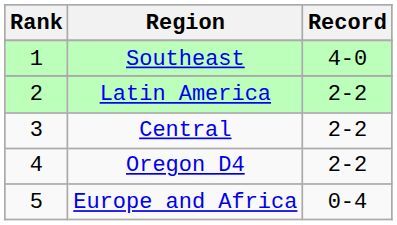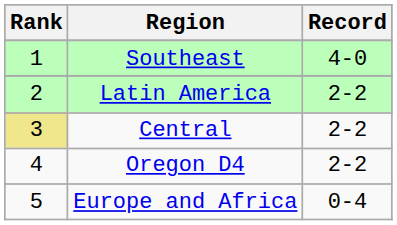 <table class="wikitable">
 <tr>
 <th>Rank</th>
 <th>Region</th>
 <th>Record</th>
 </tr>
 <tr>
 </tr>
 <tr bgcolor=#bbffbb>
 <td align=center>1</td>
 <td align=center> <a href='#'>Southeast</a></td>
 <td align=center>4-0</td>
 </tr>
 <tr>
 </tr>
 <tr bgcolor=#bbffbb>
 <td align=center>2</td>
 <td align=center> <a href='#'>Latin America</a></td>
 <td align=center>2-2</td>
 </tr>
 <tr>
-<td align=center>3</td>
+<td align=center style="background: khaki;">3</td>
 <td align=center> <a href='#'>Central</a></td>
 <td align=center>2-2</td>
 </tr>
 <tr>
 <td align=center>4</td>
 <td align=center> <a href='#'>Oregon D4</a></td>
 <td align=center>2-2</td>
 </tr>
 <tr>
 <td align=center>5</td>
 <td align=center> <a href='#'>Europe and Africa</a></td>
 <td align=center>0-4</td>
 </tr>
 </table>
